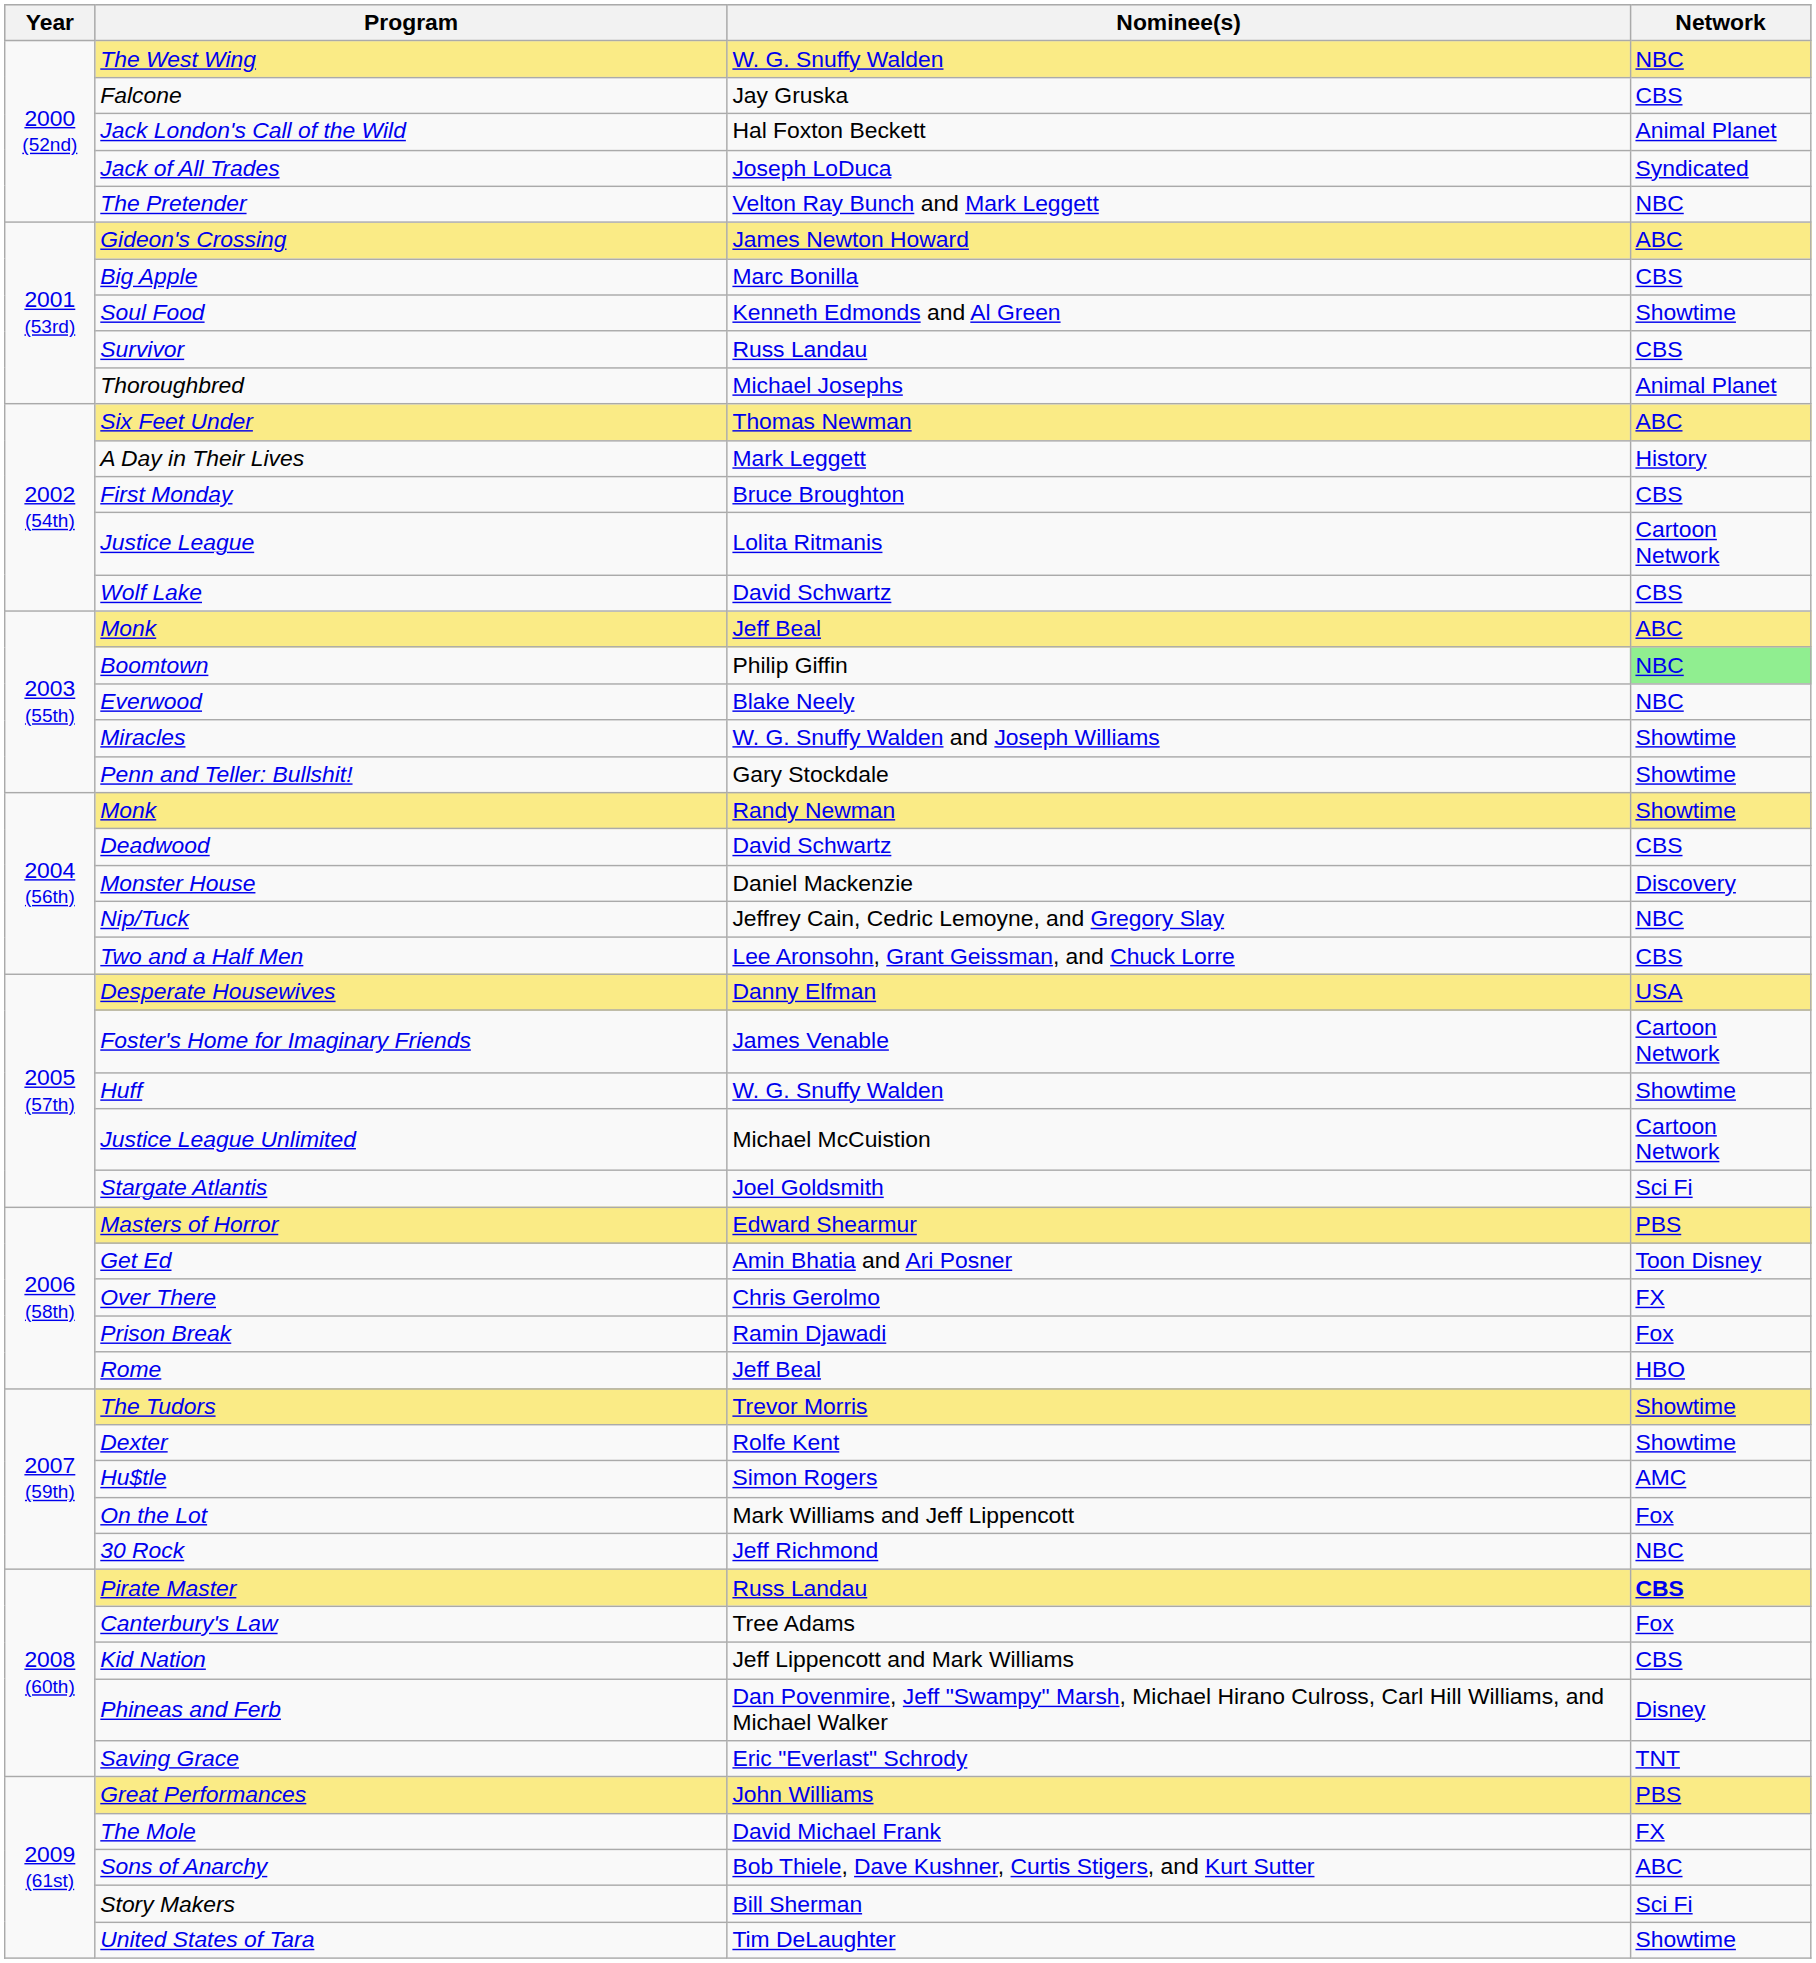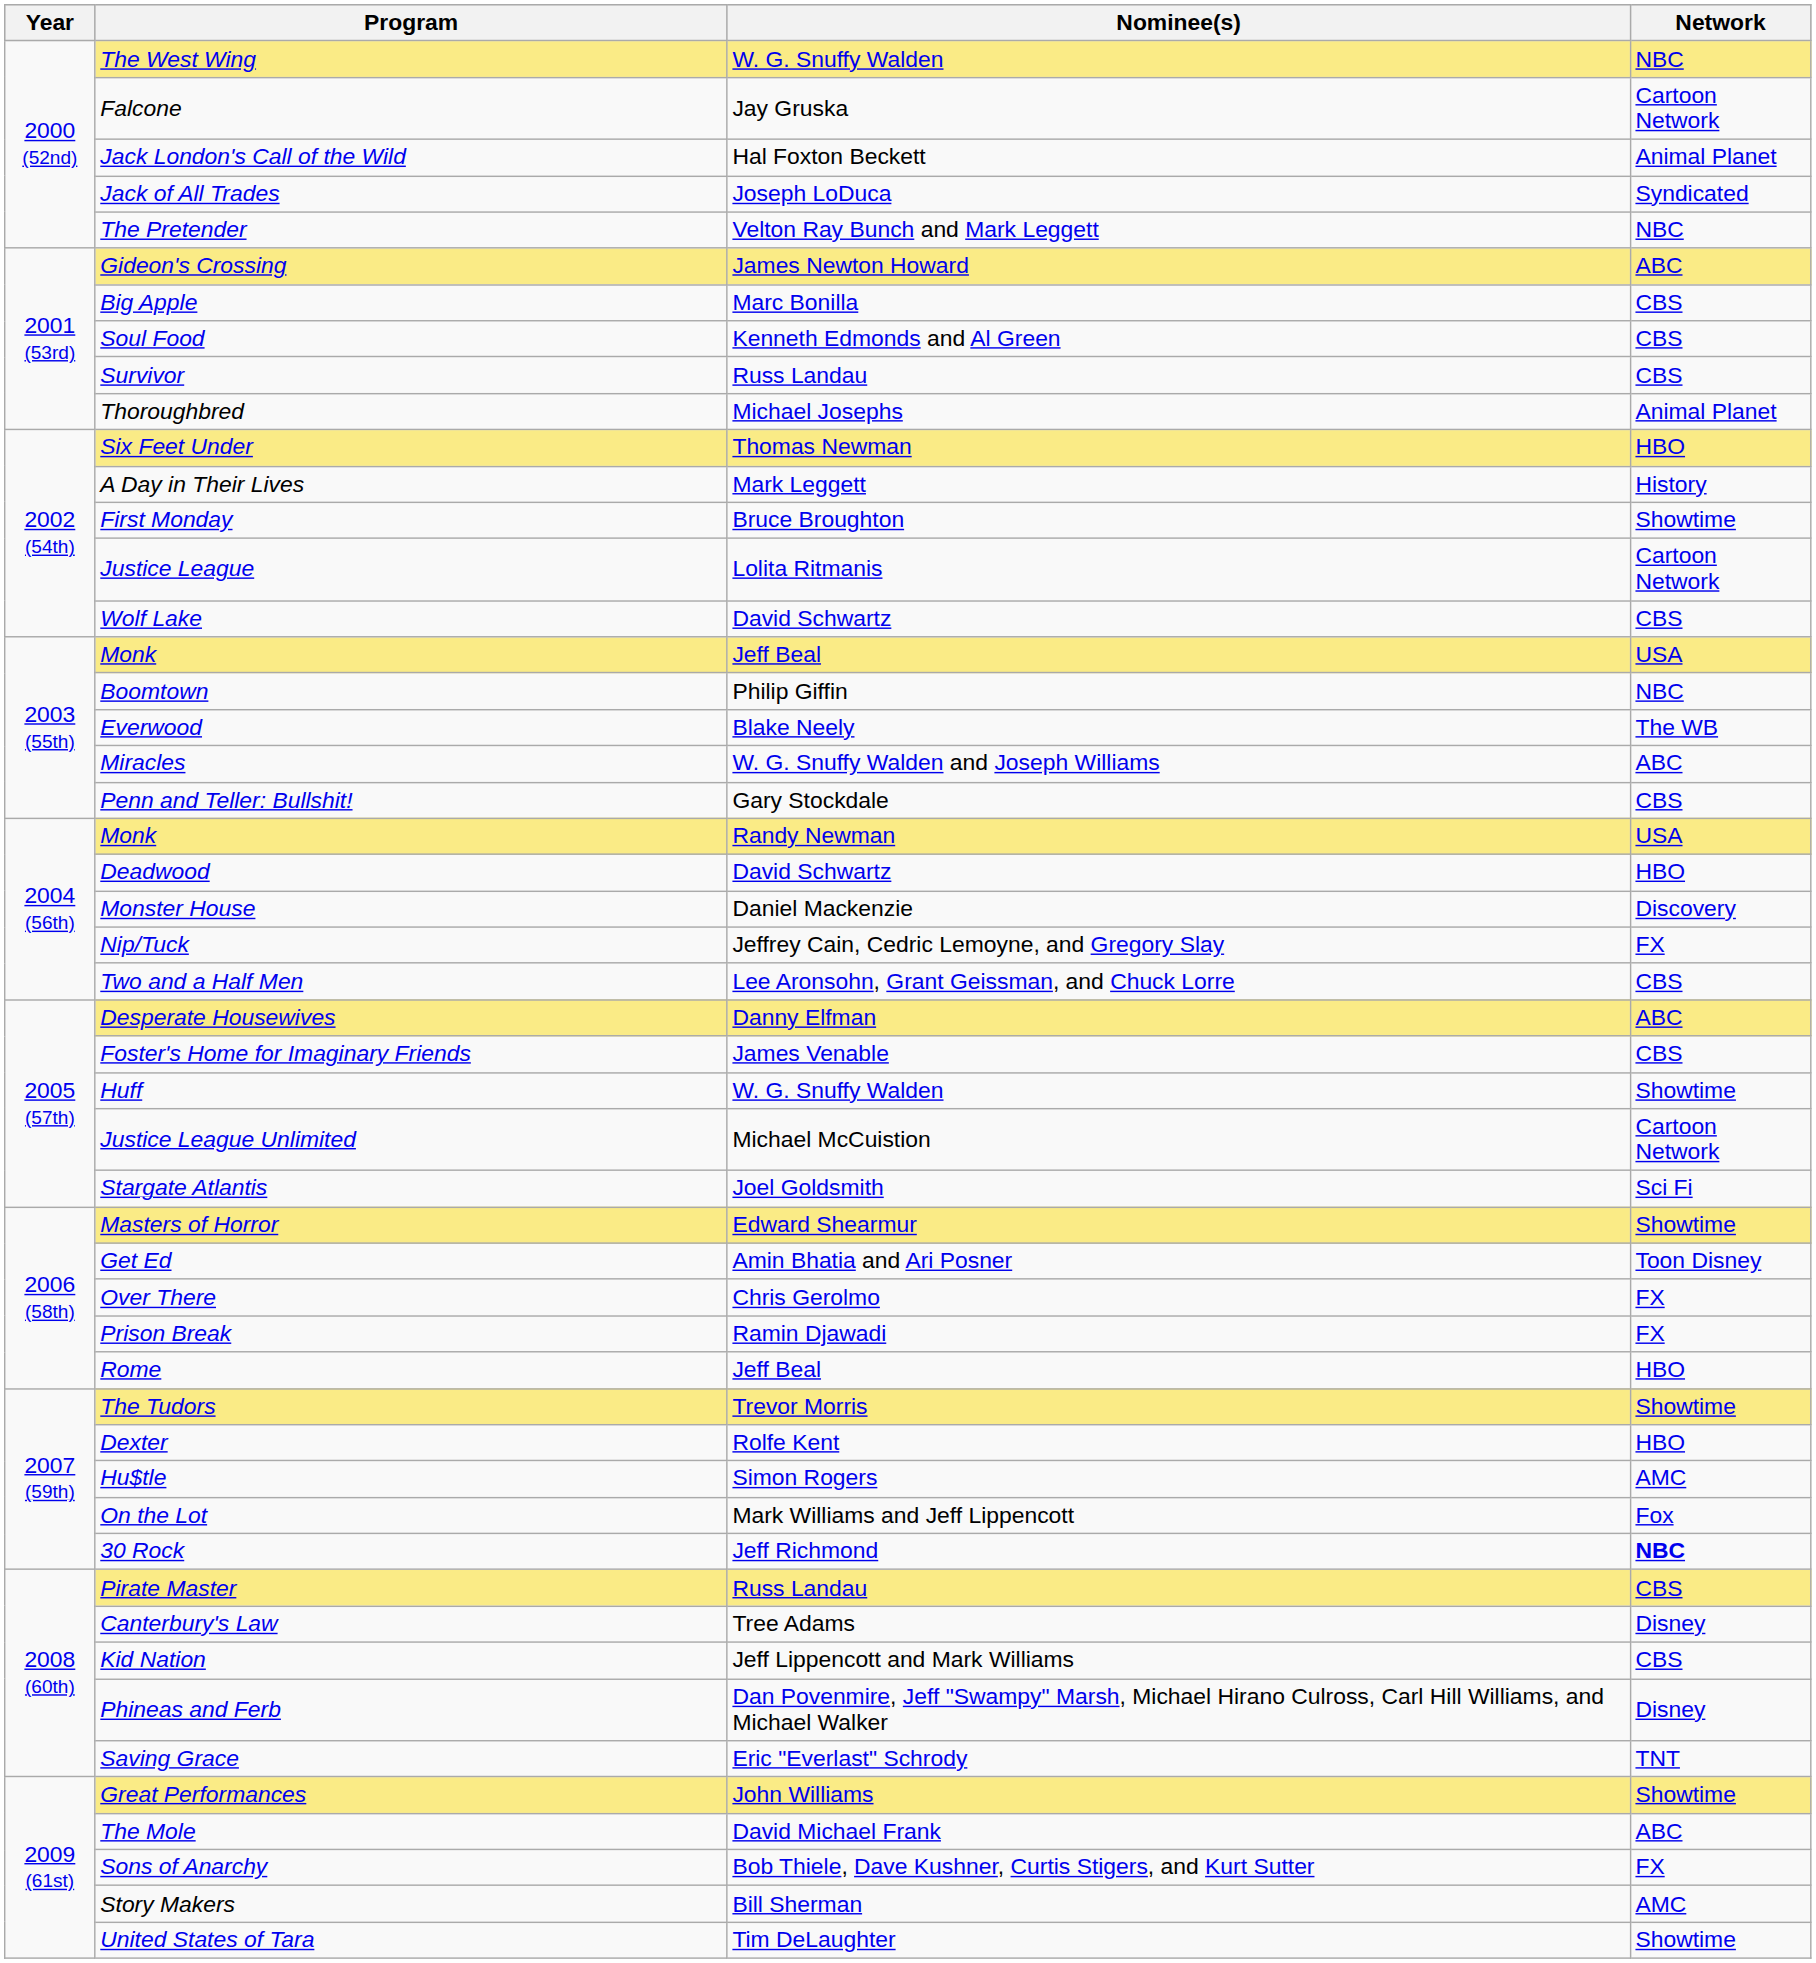 <table class="wikitable" style="width:100%">
 <tr bgcolor="#bebebe">
 <th width="5%">Year</th>
 <th width="35%">Program</th>
 <th width="50%">Nominee(s)</th>
 <th width="10%">Network</th>
 </tr>
 <tr>
 <td rowspan=5 style="text-align:center;"><a href='#'>2000</a><br><small><a href='#'>(52nd)</a></small><br></td>
 <td style="background:#FAEB86;"><em><a href='#'>The West Wing</a></em></td>
 <td style="background:#FAEB86;"><a href='#'>W. G. Snuffy Walden</a></td>
 <td style="background:#FAEB86;"><a href='#'>NBC</a></td>
 </tr>
 <tr>
 <td><em>Falcone</em></td>
 <td>Jay Gruska</td>
-<td><a href='#'>CBS</a></td>
+<td><a href='#'>Cartoon Network</a></td>
 </tr>
 <tr>
 <td><em><a href='#'>Jack London's Call of the Wild</a></em></td>
 <td>Hal Foxton Beckett</td>
 <td><a href='#'>Animal Planet</a></td>
 </tr>
 <tr>
 <td><em><a href='#'>Jack of All Trades</a></em></td>
 <td><a href='#'>Joseph LoDuca</a></td>
 <td><a href='#'>Syndicated</a></td>
 </tr>
 <tr>
 <td><em><a href='#'>The Pretender</a></em></td>
 <td><a href='#'>Velton Ray Bunch</a> and <a href='#'>Mark Leggett</a></td>
 <td><a href='#'>NBC</a></td>
 </tr>
 <tr>
 <td rowspan=5 style="text-align:center;"><a href='#'>2001</a><br><small><a href='#'>(53rd)</a></small><br></td>
 <td style="background:#FAEB86;"><em><a href='#'>Gideon's Crossing</a></em></td>
 <td style="background:#FAEB86;"><a href='#'>James Newton Howard</a></td>
 <td style="background:#FAEB86;"><a href='#'>ABC</a></td>
 </tr>
 <tr>
 <td><em><a href='#'>Big Apple</a></em></td>
 <td><a href='#'>Marc Bonilla</a></td>
 <td><a href='#'>CBS</a></td>
 </tr>
 <tr>
 <td><em><a href='#'>Soul Food</a></em></td>
 <td><a href='#'>Kenneth Edmonds</a> and <a href='#'>Al Green</a></td>
-<td><a href='#'>Showtime</a></td>
+<td><a href='#'>CBS</a></td>
 </tr>
 <tr>
 <td><em><a href='#'>Survivor</a></em></td>
 <td><a href='#'>Russ Landau</a></td>
 <td><a href='#'>CBS</a></td>
 </tr>
 <tr>
 <td><em>Thoroughbred</em></td>
 <td><a href='#'>Michael Josephs</a></td>
 <td><a href='#'>Animal Planet</a></td>
 </tr>
 <tr>
 <td rowspan=5 style="text-align:center;"><a href='#'>2002</a><br><small><a href='#'>(54th)</a></small><br></td>
 <td style="background:#FAEB86;"><em><a href='#'>Six Feet Under</a></em></td>
 <td style="background:#FAEB86;"><a href='#'>Thomas Newman</a></td>
-<td style="background:#FAEB86;"><a href='#'>ABC</a></td>
+<td style="background:#FAEB86;"><a href='#'>HBO</a></td>
 </tr>
 <tr>
 <td><em>A Day in Their Lives</em></td>
 <td><a href='#'>Mark Leggett</a></td>
 <td><a href='#'>History</a></td>
 </tr>
 <tr>
 <td><em><a href='#'>First Monday</a></em></td>
 <td><a href='#'>Bruce Broughton</a></td>
-<td><a href='#'>CBS</a></td>
+<td><a href='#'>Showtime</a></td>
 </tr>
 <tr>
 <td><em><a href='#'>Justice League</a></em></td>
 <td><a href='#'>Lolita Ritmanis</a></td>
 <td><a href='#'>Cartoon Network</a></td>
 </tr>
 <tr>
 <td><em><a href='#'>Wolf Lake</a></em></td>
 <td><a href='#'>David Schwartz</a></td>
 <td><a href='#'>CBS</a></td>
 </tr>
 <tr>
 <td rowspan=5 style="text-align:center;"><a href='#'>2003</a><br><small><a href='#'>(55th)</a></small><br></td>
 <td style="background:#FAEB86;"><em><a href='#'>Monk</a></em></td>
 <td style="background:#FAEB86;"><a href='#'>Jeff Beal</a></td>
-<td style="background:#FAEB86;"><a href='#'>ABC</a></td>
+<td style="background:#FAEB86;"><a href='#'>USA</a></td>
 </tr>
 <tr>
 <td><em><a href='#'>Boomtown</a></em></td>
 <td>Philip Giffin</td>
-<td style="background: lightgreen;"><a href='#'>NBC</a></td>
+<td><a href='#'>NBC</a></td>
 </tr>
 <tr>
 <td><em><a href='#'>Everwood</a></em></td>
 <td><a href='#'>Blake Neely</a></td>
-<td><a href='#'>NBC</a></td>
+<td><a href='#'>The WB</a></td>
 </tr>
 <tr>
 <td><em><a href='#'>Miracles</a></em></td>
 <td><a href='#'>W. G. Snuffy Walden</a> and <a href='#'>Joseph Williams</a></td>
-<td><a href='#'>Showtime</a></td>
+<td><a href='#'>ABC</a></td>
 </tr>
 <tr>
 <td><em><a href='#'>Penn and Teller: Bullshit!</a></em></td>
 <td>Gary Stockdale</td>
-<td><a href='#'>Showtime</a></td>
+<td><a href='#'>CBS</a></td>
 </tr>
 <tr>
 <td rowspan=5 style="text-align:center;"><a href='#'>2004</a><br><small><a href='#'>(56th)</a></small><br></td>
 <td style="background:#FAEB86;"><em><a href='#'>Monk</a></em></td>
 <td style="background:#FAEB86;"><a href='#'>Randy Newman</a></td>
-<td style="background:#FAEB86;"><a href='#'>Showtime</a></td>
+<td style="background:#FAEB86;"><a href='#'>USA</a></td>
 </tr>
 <tr>
 <td><em><a href='#'>Deadwood</a></em></td>
 <td><a href='#'>David Schwartz</a></td>
-<td><a href='#'>CBS</a></td>
+<td><a href='#'>HBO</a></td>
 </tr>
 <tr>
 <td><em><a href='#'>Monster House</a></em></td>
 <td>Daniel Mackenzie</td>
 <td><a href='#'>Discovery</a></td>
 </tr>
 <tr>
 <td><em><a href='#'>Nip/Tuck</a></em></td>
 <td>Jeffrey Cain, Cedric Lemoyne, and <a href='#'>Gregory Slay</a></td>
-<td><a href='#'>NBC</a></td>
+<td><a href='#'>FX</a></td>
 </tr>
 <tr>
 <td><em><a href='#'>Two and a Half Men</a></em></td>
 <td><a href='#'>Lee Aronsohn</a>, <a href='#'>Grant Geissman</a>, and <a href='#'>Chuck Lorre</a></td>
 <td><a href='#'>CBS</a></td>
 </tr>
 <tr>
 <td rowspan=5 style="text-align:center;"><a href='#'>2005</a><br><small><a href='#'>(57th)</a></small><br></td>
 <td style="background:#FAEB86;"><em><a href='#'>Desperate Housewives</a></em></td>
 <td style="background:#FAEB86;"><a href='#'>Danny Elfman</a></td>
-<td style="background:#FAEB86;"><a href='#'>USA</a></td>
+<td style="background:#FAEB86;"><a href='#'>ABC</a></td>
 </tr>
 <tr>
 <td><em><a href='#'>Foster's Home for Imaginary Friends</a></em></td>
 <td><a href='#'>James Venable</a></td>
-<td><a href='#'>Cartoon Network</a></td>
+<td><a href='#'>CBS</a></td>
 </tr>
 <tr>
 <td><em><a href='#'>Huff</a></em></td>
 <td><a href='#'>W. G. Snuffy Walden</a></td>
 <td><a href='#'>Showtime</a></td>
 </tr>
 <tr>
 <td><em><a href='#'>Justice League Unlimited</a></em></td>
 <td>Michael McCuistion</td>
 <td><a href='#'>Cartoon Network</a></td>
 </tr>
 <tr>
 <td><em><a href='#'>Stargate Atlantis</a></em></td>
 <td><a href='#'>Joel Goldsmith</a></td>
 <td><a href='#'>Sci Fi</a></td>
 </tr>
 <tr>
 <td rowspan=5 style="text-align:center;"><a href='#'>2006</a><br><small><a href='#'>(58th)</a></small><br></td>
 <td style="background:#FAEB86;"><em><a href='#'>Masters of Horror</a></em></td>
 <td style="background:#FAEB86;"><a href='#'>Edward Shearmur</a></td>
-<td style="background:#FAEB86;"><a href='#'>PBS</a></td>
+<td style="background:#FAEB86;"><a href='#'>Showtime</a></td>
 </tr>
 <tr>
 <td><em><a href='#'>Get Ed</a></em></td>
 <td><a href='#'>Amin Bhatia</a> and <a href='#'>Ari Posner</a></td>
 <td><a href='#'>Toon Disney</a></td>
 </tr>
 <tr>
 <td><em><a href='#'>Over There</a></em></td>
 <td><a href='#'>Chris Gerolmo</a></td>
 <td><a href='#'>FX</a></td>
 </tr>
 <tr>
 <td><em><a href='#'>Prison Break</a></em></td>
 <td><a href='#'>Ramin Djawadi</a></td>
-<td><a href='#'>Fox</a></td>
+<td><a href='#'>FX</a></td>
 </tr>
 <tr>
 <td><em><a href='#'>Rome</a></em></td>
 <td><a href='#'>Jeff Beal</a></td>
 <td><a href='#'>HBO</a></td>
 </tr>
 <tr>
 <td rowspan=5 style="text-align:center;"><a href='#'>2007</a><br><small><a href='#'>(59th)</a></small><br></td>
 <td style="background:#FAEB86;"><em><a href='#'>The Tudors</a></em></td>
 <td style="background:#FAEB86;"><a href='#'>Trevor Morris</a></td>
 <td style="background:#FAEB86;"><a href='#'>Showtime</a></td>
 </tr>
 <tr>
 <td><em><a href='#'>Dexter</a></em></td>
 <td><a href='#'>Rolfe Kent</a></td>
-<td><a href='#'>Showtime</a></td>
+<td><a href='#'>HBO</a></td>
 </tr>
 <tr>
 <td><em><a href='#'>Hu$tle</a></em></td>
 <td><a href='#'>Simon Rogers</a></td>
 <td><a href='#'>AMC</a></td>
 </tr>
 <tr>
 <td><em><a href='#'>On the Lot</a></em></td>
 <td>Mark Williams and Jeff Lippencott</td>
 <td><a href='#'>Fox</a></td>
 </tr>
 <tr>
 <td><em><a href='#'>30 Rock</a></em></td>
 <td><a href='#'>Jeff Richmond</a></td>
-<td><a href='#'>NBC</a></td>
+<td><strong><a href='#'>NBC</a></strong></td>
 </tr>
 <tr>
 <td rowspan=5 style="text-align:center;"><a href='#'>2008</a><br><small><a href='#'>(60th)</a></small><br></td>
 <td style="background:#FAEB86;"><em><a href='#'>Pirate Master</a></em></td>
 <td style="background:#FAEB86;"><a href='#'>Russ Landau</a></td>
-<td style="background:#FAEB86;"><strong><a href='#'>CBS</a></strong></td>
+<td style="background:#FAEB86;"><a href='#'>CBS</a></td>
 </tr>
 <tr>
 <td><em><a href='#'>Canterbury's Law</a></em></td>
 <td>Tree Adams</td>
-<td><a href='#'>Fox</a></td>
+<td><a href='#'>Disney</a></td>
 </tr>
 <tr>
 <td><em><a href='#'>Kid Nation</a></em></td>
 <td>Jeff Lippencott and Mark Williams</td>
 <td><a href='#'>CBS</a></td>
 </tr>
 <tr>
 <td><em><a href='#'>Phineas and Ferb</a></em></td>
 <td><a href='#'>Dan Povenmire</a>, <a href='#'>Jeff "Swampy" Marsh</a>, Michael Hirano Culross, Carl Hill Williams, and Michael Walker</td>
 <td><a href='#'>Disney</a></td>
 </tr>
 <tr>
 <td><em><a href='#'>Saving Grace</a></em></td>
 <td><a href='#'>Eric "Everlast" Schrody</a></td>
 <td><a href='#'>TNT</a></td>
 </tr>
 <tr>
 <td rowspan=5 style="text-align:center;"><a href='#'>2009</a><br><small><a href='#'>(61st)</a></small><br></td>
 <td style="background:#FAEB86;"><em><a href='#'>Great Performances</a></em></td>
 <td style="background:#FAEB86;"><a href='#'>John Williams</a></td>
-<td style="background:#FAEB86;"><a href='#'>PBS</a></td>
+<td style="background:#FAEB86;"><a href='#'>Showtime</a></td>
 </tr>
 <tr>
 <td><em><a href='#'>The Mole</a></em></td>
 <td><a href='#'>David Michael Frank</a></td>
-<td><a href='#'>FX</a></td>
+<td><a href='#'>ABC</a></td>
 </tr>
 <tr>
 <td><em><a href='#'>Sons of Anarchy</a></em></td>
 <td><a href='#'>Bob Thiele</a>, <a href='#'>Dave Kushner</a>, <a href='#'>Curtis Stigers</a>, and <a href='#'>Kurt Sutter</a></td>
-<td><a href='#'>ABC</a></td>
+<td><a href='#'>FX</a></td>
 </tr>
 <tr>
 <td><em>Story Makers</em></td>
 <td><a href='#'>Bill Sherman</a></td>
-<td><a href='#'>Sci Fi</a></td>
+<td><a href='#'>AMC</a></td>
 </tr>
 <tr>
 <td><em><a href='#'>United States of Tara</a></em></td>
 <td><a href='#'>Tim DeLaughter</a></td>
 <td><a href='#'>Showtime</a></td>
 </tr>
 </table>
